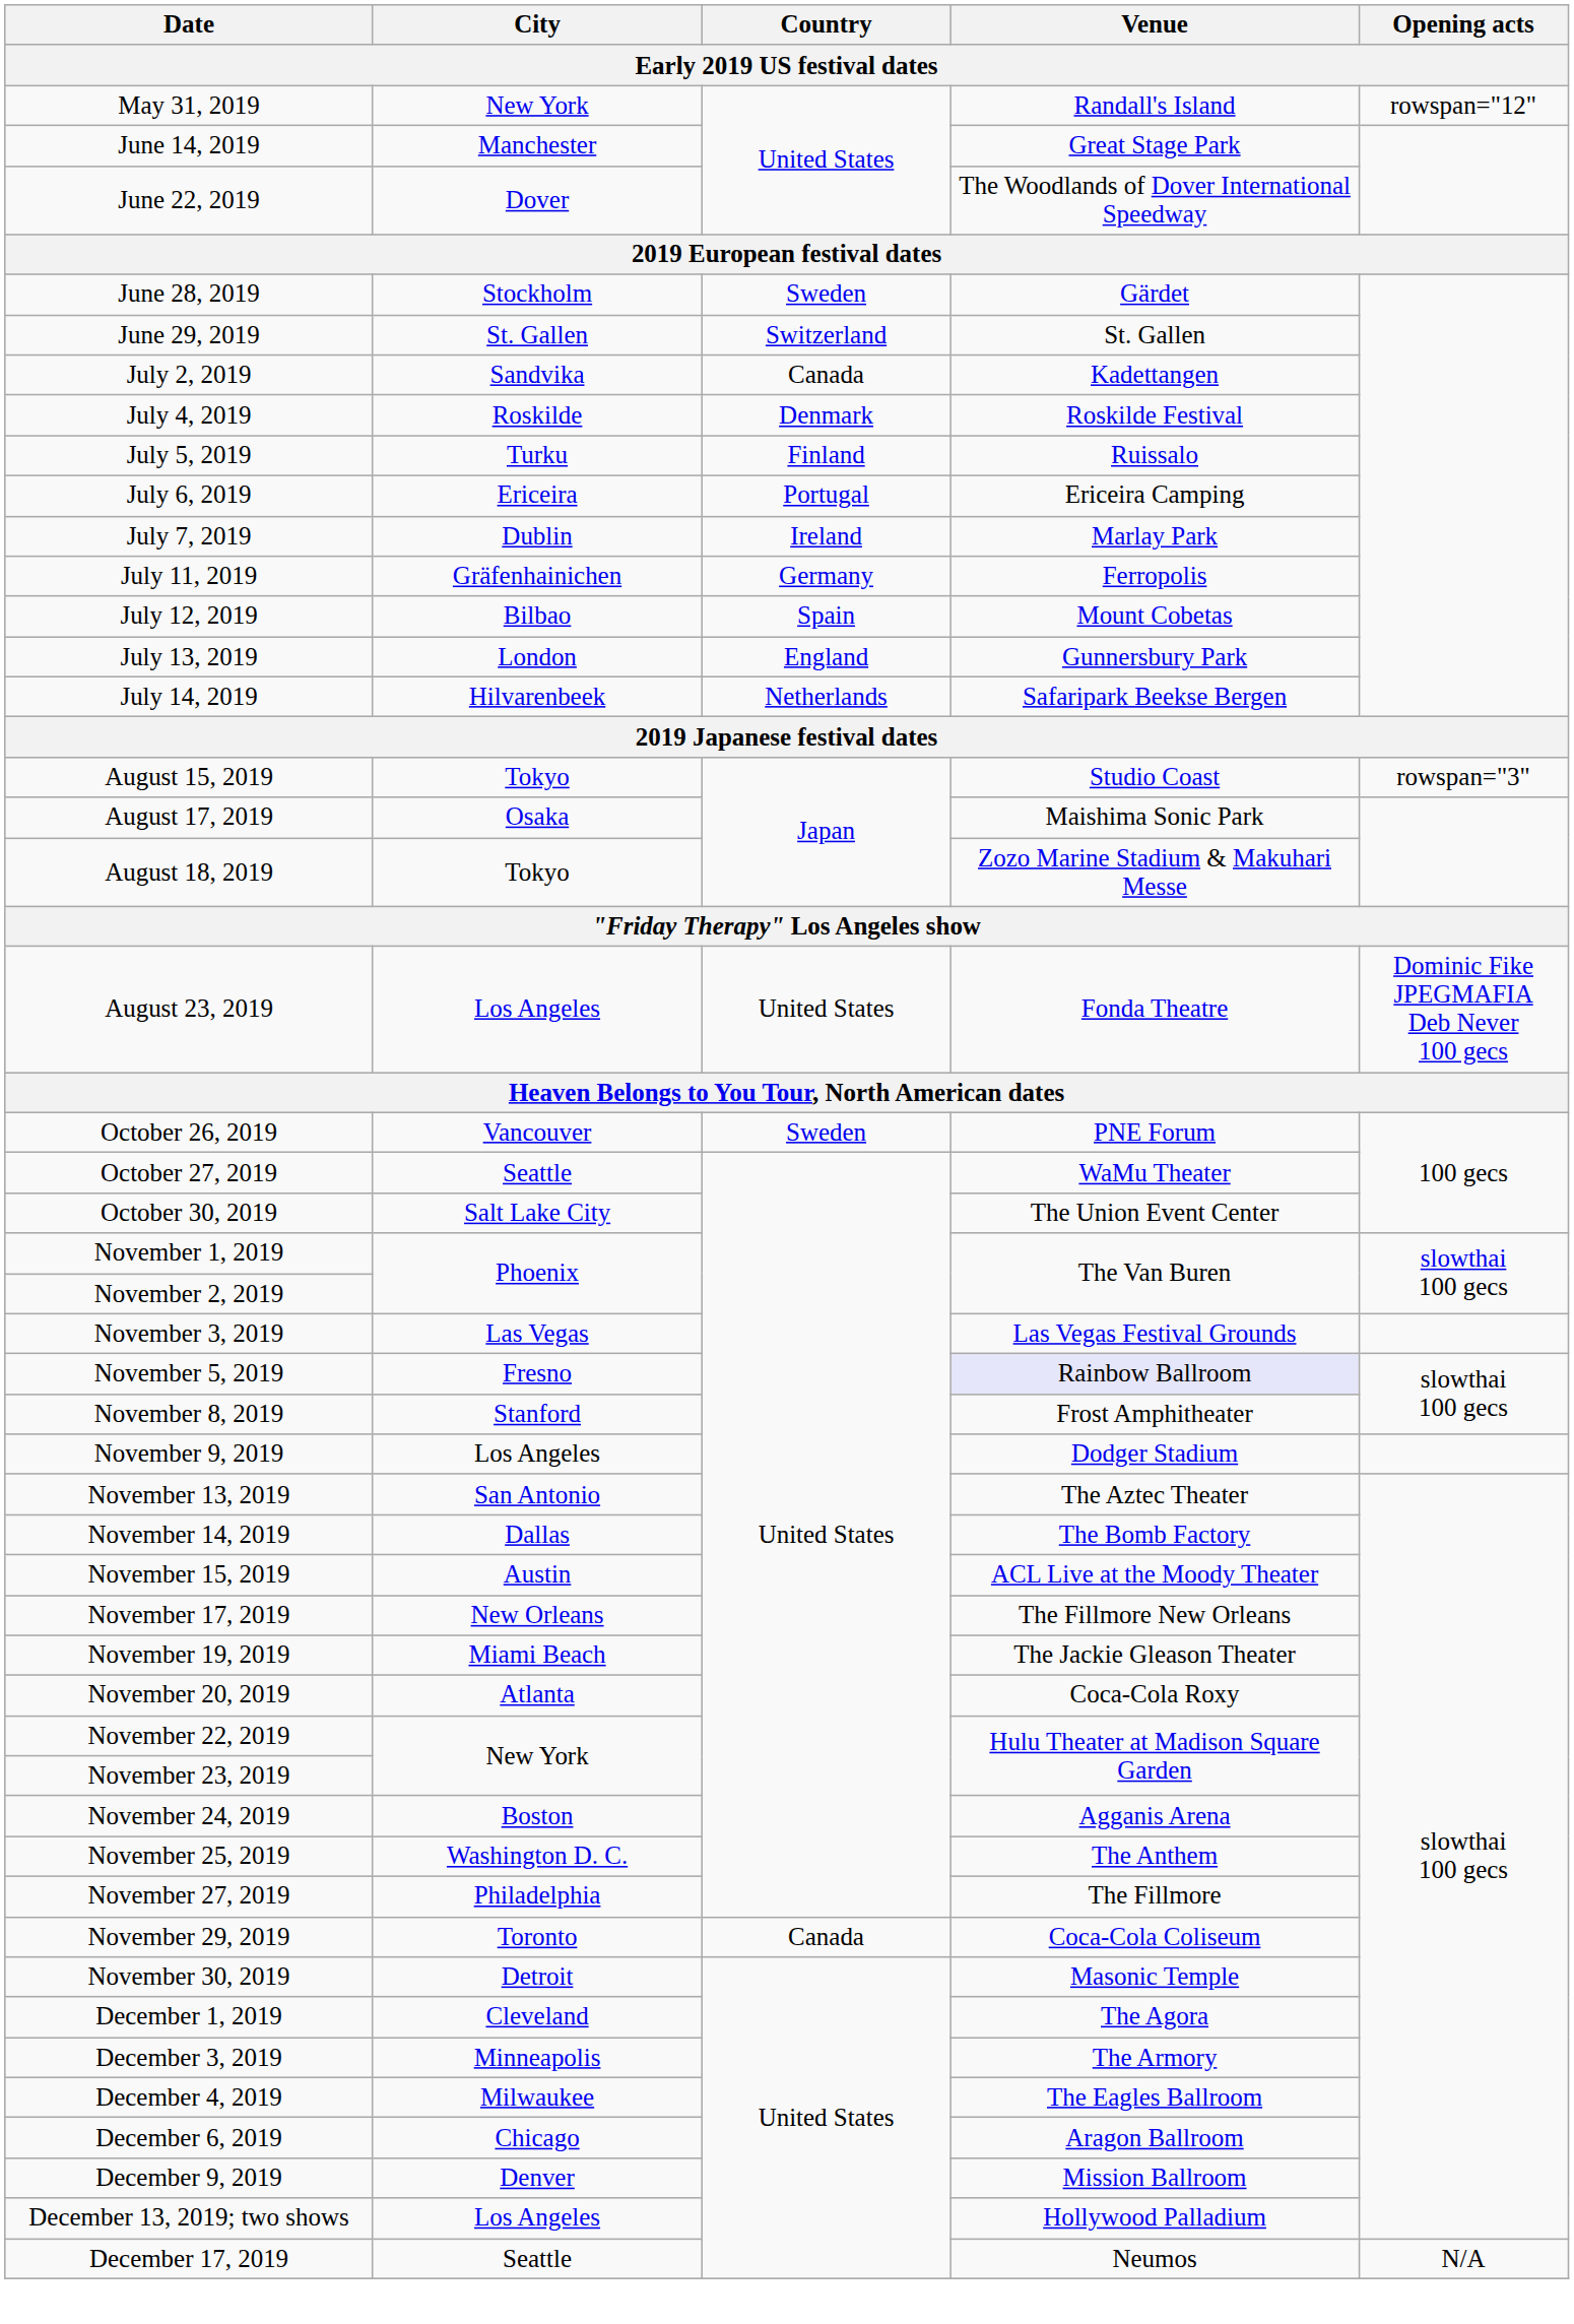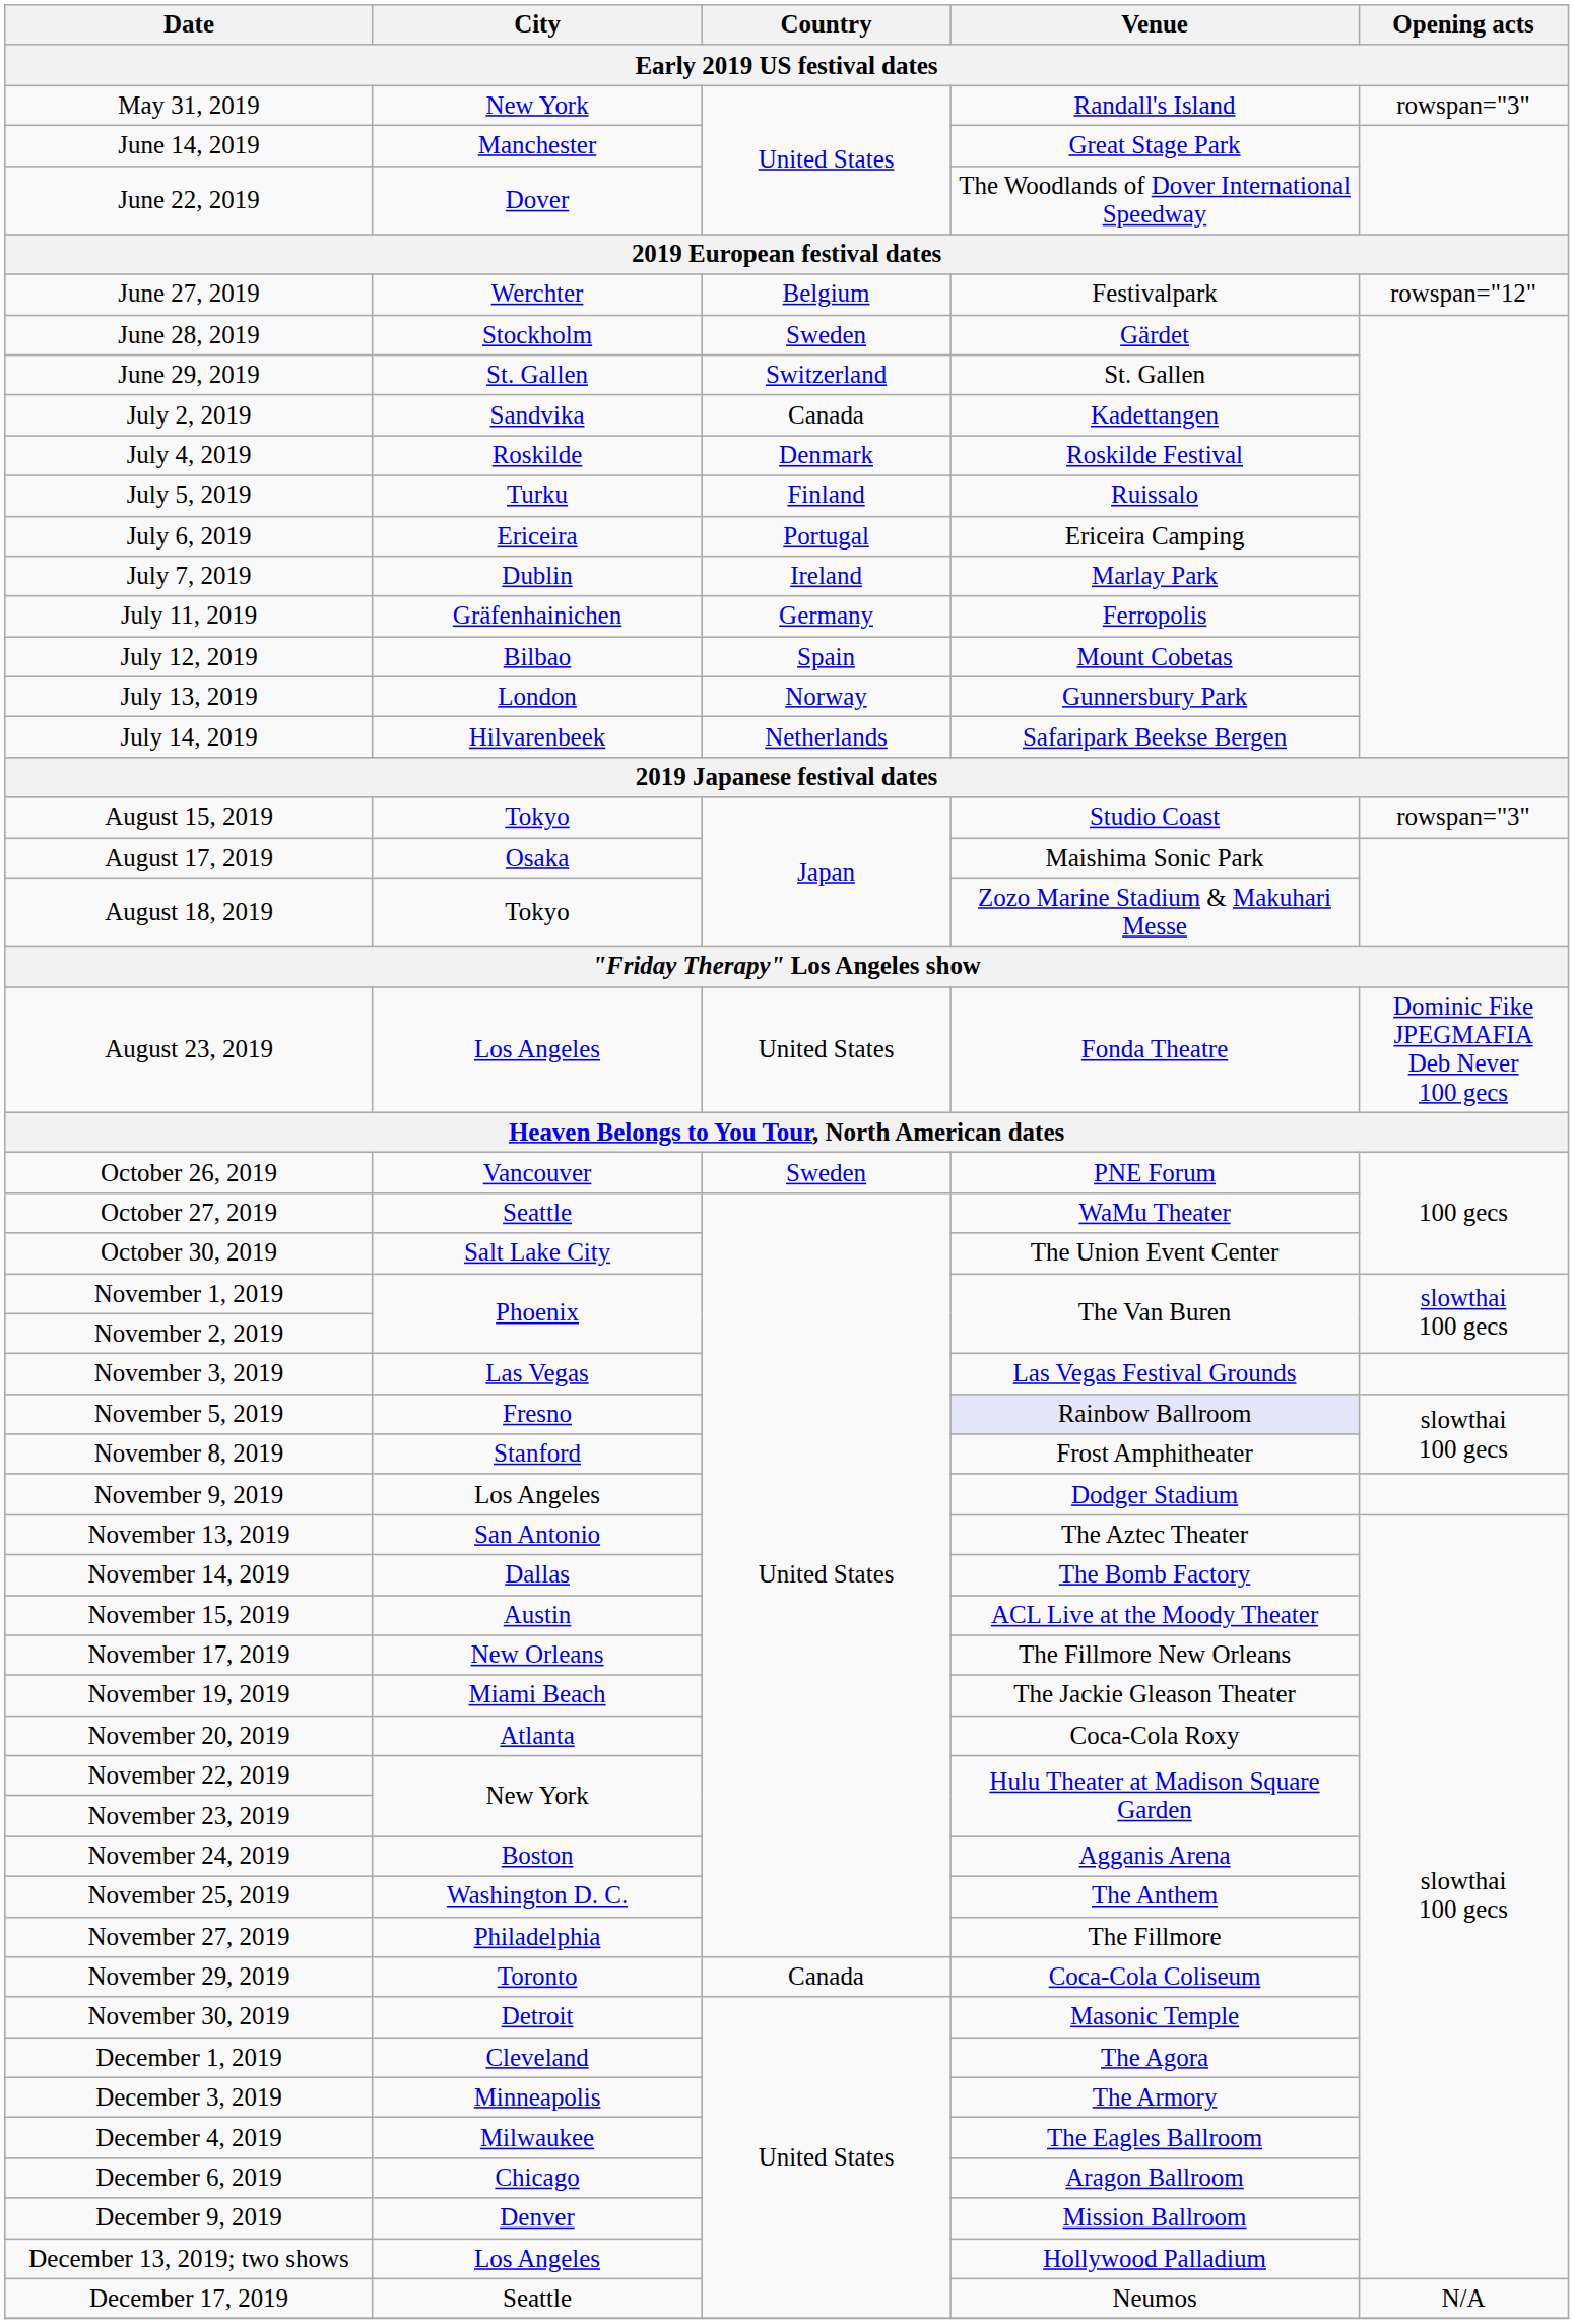 <table class="wikitable mw-collapsible" style="text-align:center;">
 <tr>
 <th width="225">Date</th>
 <th width="200">City</th>
 <th width="150">Country</th>
 <th width="250">Venue</th>
 <th width="125">Opening acts</th>
 </tr>
 <tr>
 <th colspan="5">Early 2019 US festival dates </th>
 </tr>
 <tr>
 <td>May 31, 2019</td>
 <td><a href='#'>New York</a></td>
 <td rowspan="3"><a href='#'>United States</a></td>
 <td><a href='#'>Randall's Island</a></td>
-<td>rowspan="12" </td>
+<td>rowspan="3" </td>
 </tr>
 <tr>
 <td>June 14, 2019</td>
 <td><a href='#'>Manchester</a></td>
 <td><a href='#'>Great Stage Park</a></td>
 </tr>
 <tr>
 <td>June 22, 2019</td>
 <td><a href='#'>Dover</a></td>
 <td>The Woodlands of <a href='#'>Dover International Speedway</a></td>
 </tr>
 <tr>
 <th colspan="5">2019 European festival dates </th>
+</tr>
+<tr>
+<td>June 27, 2019</td>
+<td><a href='#'>Werchter</a></td>
+<td><a href='#'>Belgium</a></td>
+<td>Festivalpark</td>
+<td>rowspan="12" </td>
 </tr>
 <tr>
 <td>June 28, 2019</td>
 <td><a href='#'>Stockholm</a></td>
 <td><a href='#'>Sweden</a></td>
 <td><a href='#'>Gärdet</a></td>
 </tr>
 <tr>
 <td>June 29, 2019</td>
 <td><a href='#'>St. Gallen</a></td>
 <td><a href='#'>Switzerland</a></td>
 <td>St. Gallen</td>
 </tr>
 <tr>
 <td>July 2, 2019</td>
 <td><a href='#'>Sandvika</a></td>
 <td>Canada</td>
 <td><a href='#'>Kadettangen</a></td>
 </tr>
 <tr>
 <td>July 4, 2019</td>
 <td><a href='#'>Roskilde</a></td>
 <td><a href='#'>Denmark</a></td>
 <td><a href='#'>Roskilde Festival</a></td>
 </tr>
 <tr>
 <td>July 5, 2019</td>
 <td><a href='#'>Turku</a></td>
 <td><a href='#'>Finland</a></td>
 <td><a href='#'>Ruissalo</a></td>
 </tr>
 <tr>
 <td>July 6, 2019</td>
 <td><a href='#'>Ericeira</a></td>
 <td><a href='#'>Portugal</a></td>
 <td>Ericeira Camping</td>
 </tr>
 <tr>
 <td>July 7, 2019</td>
 <td><a href='#'>Dublin</a></td>
 <td><a href='#'>Ireland</a></td>
 <td><a href='#'>Marlay Park</a></td>
 </tr>
 <tr>
 <td>July 11, 2019</td>
 <td><a href='#'>Gräfenhainichen</a></td>
 <td><a href='#'>Germany</a></td>
 <td><a href='#'>Ferropolis</a></td>
 </tr>
 <tr>
 <td>July 12, 2019</td>
 <td><a href='#'>Bilbao</a></td>
 <td><a href='#'>Spain</a></td>
 <td><a href='#'>Mount Cobetas</a></td>
 </tr>
 <tr>
 <td>July 13, 2019</td>
 <td><a href='#'>London</a></td>
-<td><a href='#'>England</a></td>
+<td><a href='#'>Norway</a></td>
 <td><a href='#'>Gunnersbury Park</a></td>
 </tr>
 <tr>
 <td>July 14, 2019</td>
 <td><a href='#'>Hilvarenbeek</a></td>
 <td><a href='#'>Netherlands</a></td>
 <td><a href='#'>Safaripark Beekse Bergen</a></td>
 </tr>
 <tr>
 <th colspan="5">2019 Japanese festival dates </th>
 </tr>
 <tr>
 <td>August 15, 2019</td>
 <td><a href='#'>Tokyo</a></td>
 <td rowspan="3"><a href='#'>Japan</a></td>
 <td><a href='#'>Studio Coast</a></td>
 <td>rowspan="3" </td>
 </tr>
 <tr>
 <td>August 17, 2019</td>
 <td><a href='#'>Osaka</a></td>
 <td>Maishima Sonic Park</td>
 </tr>
 <tr>
 <td>August 18, 2019</td>
 <td>Tokyo</td>
 <td><a href='#'>Zozo Marine Stadium</a> & <a href='#'>Makuhari Messe</a></td>
 </tr>
 <tr>
 <th colspan="5"><em>"Friday Therapy"</em> Los Angeles show </th>
 </tr>
 <tr>
 <td>August 23, 2019</td>
 <td><a href='#'>Los Angeles</a></td>
 <td>United States</td>
 <td><a href='#'>Fonda Theatre</a></td>
 <td><a href='#'>Dominic Fike</a><br><a href='#'>JPEGMAFIA</a><br><a href='#'>Deb Never</a><br><a href='#'>100 gecs</a></td>
 </tr>
 <tr>
 <th colspan="5"><a href='#'>Heaven Belongs to You Tour</a>, North American dates </th>
 </tr>
 <tr>
 <td>October 26, 2019</td>
 <td><a href='#'>Vancouver</a></td>
 <td><a href='#'>Sweden</a></td>
 <td><a href='#'>PNE Forum</a></td>
 <td rowspan="3">100 gecs</td>
 </tr>
 <tr>
 <td>October 27, 2019</td>
 <td><a href='#'>Seattle</a></td>
 <td rowspan="19">United States</td>
 <td><a href='#'>WaMu Theater</a></td>
 </tr>
 <tr>
 <td>October 30, 2019</td>
 <td><a href='#'>Salt Lake City</a></td>
 <td>The Union Event Center</td>
 </tr>
 <tr>
 <td>November 1, 2019</td>
 <td rowspan="2"><a href='#'>Phoenix</a></td>
 <td rowspan="2">The Van Buren</td>
 <td rowspan="2"><a href='#'>slowthai</a><br>100 gecs</td>
 </tr>
 <tr>
 <td>November 2, 2019</td>
 </tr>
 <tr>
 <td>November 3, 2019</td>
 <td><a href='#'>Las Vegas</a></td>
 <td><a href='#'>Las Vegas Festival Grounds</a></td>
 <td></td>
 </tr>
 <tr>
 <td>November 5, 2019</td>
 <td><a href='#'>Fresno</a></td>
 <td style="background: lavender;">Rainbow Ballroom</td>
 <td rowspan="2">slowthai<br>100 gecs</td>
 </tr>
 <tr>
 <td>November 8, 2019</td>
 <td><a href='#'>Stanford</a></td>
 <td>Frost Amphitheater</td>
 </tr>
 <tr>
 <td>November 9, 2019</td>
 <td>Los Angeles</td>
 <td><a href='#'>Dodger Stadium</a></td>
 <td></td>
 </tr>
 <tr>
 <td>November 13, 2019</td>
 <td><a href='#'>San Antonio</a></td>
 <td>The Aztec Theater</td>
 <td rowspan="19">slowthai<br>100 gecs</td>
 </tr>
 <tr>
 <td>November 14, 2019</td>
 <td><a href='#'>Dallas</a></td>
 <td><a href='#'>The Bomb Factory</a></td>
 </tr>
 <tr>
 <td>November 15, 2019</td>
 <td><a href='#'>Austin</a></td>
 <td><a href='#'>ACL Live at the Moody Theater</a></td>
 </tr>
 <tr>
 <td>November 17, 2019</td>
 <td><a href='#'>New Orleans</a></td>
 <td>The Fillmore New Orleans</td>
 </tr>
 <tr>
 <td>November 19, 2019</td>
 <td><a href='#'>Miami Beach</a></td>
 <td>The Jackie Gleason Theater</td>
 </tr>
 <tr>
 <td>November 20, 2019</td>
 <td><a href='#'>Atlanta</a></td>
 <td>Coca-Cola Roxy</td>
 </tr>
 <tr>
 <td>November 22, 2019</td>
 <td rowspan="2">New York</td>
 <td rowspan="2"><a href='#'>Hulu Theater at Madison Square Garden</a></td>
 </tr>
 <tr>
 <td>November 23, 2019</td>
 </tr>
 <tr>
 <td>November 24, 2019</td>
 <td><a href='#'>Boston</a></td>
 <td><a href='#'>Agganis Arena</a></td>
 </tr>
 <tr>
 <td>November 25, 2019</td>
 <td><a href='#'>Washington D. C.</a></td>
 <td><a href='#'>The Anthem</a></td>
 </tr>
 <tr>
 <td>November 27, 2019</td>
 <td><a href='#'>Philadelphia</a></td>
 <td>The Fillmore</td>
 </tr>
 <tr>
 <td>November 29, 2019</td>
 <td><a href='#'>Toronto</a></td>
 <td>Canada</td>
 <td><a href='#'>Coca-Cola Coliseum</a></td>
 </tr>
 <tr>
 <td>November 30, 2019</td>
 <td><a href='#'>Detroit</a></td>
 <td rowspan="8">United States</td>
 <td><a href='#'>Masonic Temple</a></td>
 </tr>
 <tr>
 <td>December 1, 2019</td>
 <td><a href='#'>Cleveland</a></td>
 <td><a href='#'>The Agora</a></td>
 </tr>
 <tr>
 <td>December 3, 2019</td>
 <td><a href='#'>Minneapolis</a></td>
 <td><a href='#'>The Armory</a></td>
 </tr>
 <tr>
 <td>December 4, 2019</td>
 <td><a href='#'>Milwaukee</a></td>
 <td><a href='#'>The Eagles Ballroom</a></td>
 </tr>
 <tr>
 <td>December 6, 2019</td>
 <td><a href='#'>Chicago</a></td>
 <td><a href='#'>Aragon Ballroom</a></td>
 </tr>
 <tr>
 <td>December 9, 2019</td>
 <td><a href='#'>Denver</a></td>
 <td><a href='#'>Mission Ballroom</a></td>
 </tr>
 <tr>
 <td>December 13, 2019; two shows</td>
 <td><a href='#'>Los Angeles</a></td>
 <td><a href='#'>Hollywood Palladium</a></td>
 </tr>
 <tr>
 <td>December 17, 2019</td>
 <td>Seattle</td>
 <td>Neumos</td>
 <td>N/A</td>
 </tr>
 <tr>
 </tr>
 </table>
